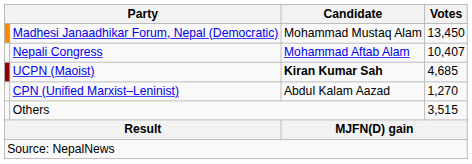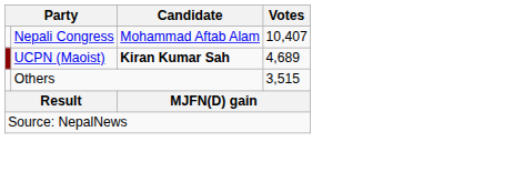 <table class="wikitable">
 <tr>
 <th colspan="2">Party</th>
 <th>Candidate</th>
 <th>Votes</th>
-</tr>
-<tr>
-<td style="background-color:darkorange"></td>
-<td><a href='#'>Madhesi Janaadhikar Forum, Nepal (Democratic)</a></td>
-<td>Mohammad Mustaq Alam</td>
-<td>13,450</td>
 </tr>
 <tr>
 <td style="background-color:"></td>
 <td><a href='#'>Nepali Congress</a></td>
 <td><a href='#'>Mohammad Aftab Alam</a></td>
 <td>10,407</td>
 </tr>
 <tr>
 <td style="background-color:darkred"></td>
 <td><a href='#'>UCPN (Maoist)</a></td>
 <td><strong>Kiran Kumar Sah</strong></td>
-<td>4,685</td>
-</tr>
-<tr>
-<td style="background-color:"></td>
-<td><a href='#'>CPN (Unified Marxist–Leninist)</a></td>
-<td>Abdul Kalam Aazad</td>
-<td>1,270</td>
+<td>4,689</td>
 </tr>
 <tr>
 <td></td>
 <td colspan="2">Others</td>
 <td>3,515</td>
 </tr>
 <tr>
 <th colspan="2">Result</th>
 <th colspan="2">MJFN(D) gain</th>
 </tr>
 <tr>
 <td colspan="4">Source: NepalNews</td>
 </tr>
 </table>
